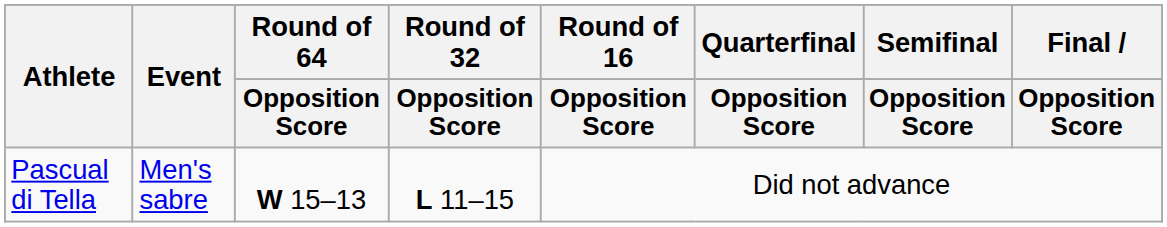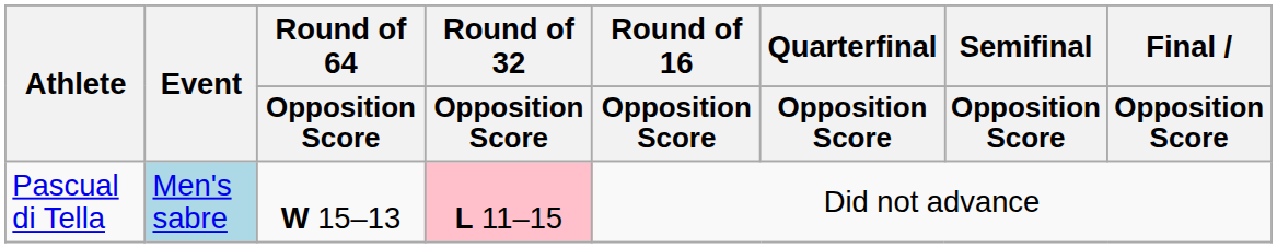 <table class="wikitable" style="font-size:90%">
 <tr>
 <th rowspan="2">Athlete</th>
 <th rowspan="2">Event</th>
 <th>Round of 64</th>
 <th>Round of 32</th>
 <th>Round of 16</th>
 <th>Quarterfinal</th>
 <th>Semifinal</th>
 <th colspan=2>Final / </th>
 </tr>
 <tr style="font-size:95%">
 <th>Opposition <br> Score</th>
 <th>Opposition <br> Score</th>
 <th>Opposition <br> Score</th>
 <th>Opposition <br> Score</th>
 <th>Opposition <br> Score</th>
 <th>Opposition <br> Score</th>
 </tr>
 <tr align=center>
 <td align=left><a href='#'>Pascual di Tella</a></td>
-<td align=left><a href='#'>Men's sabre</a></td>
+<td align=left style="background: lightblue;"><a href='#'>Men's sabre</a></td>
 <td><br><strong>W</strong> 15–13</td>
-<td><br><strong>L</strong> 11–15</td>
+<td style="background: pink;"><br><strong>L</strong> 11–15</td>
 <td Colspan=4>Did not advance</td>
 </tr>
 </table>
